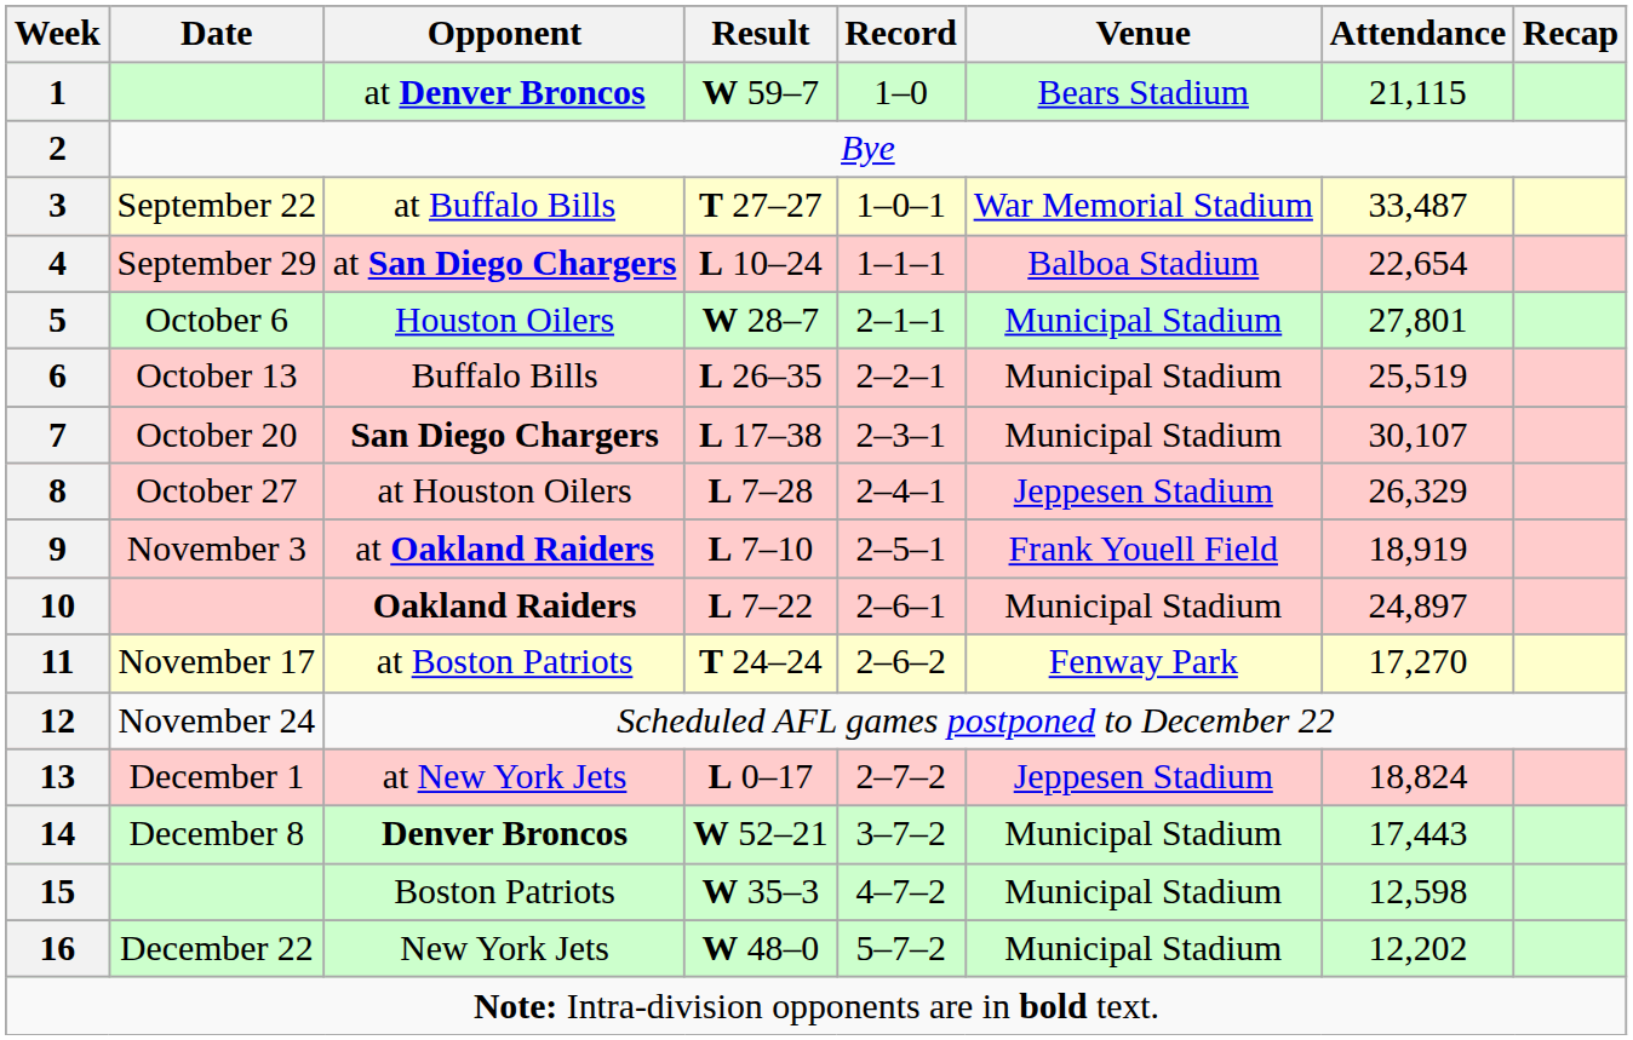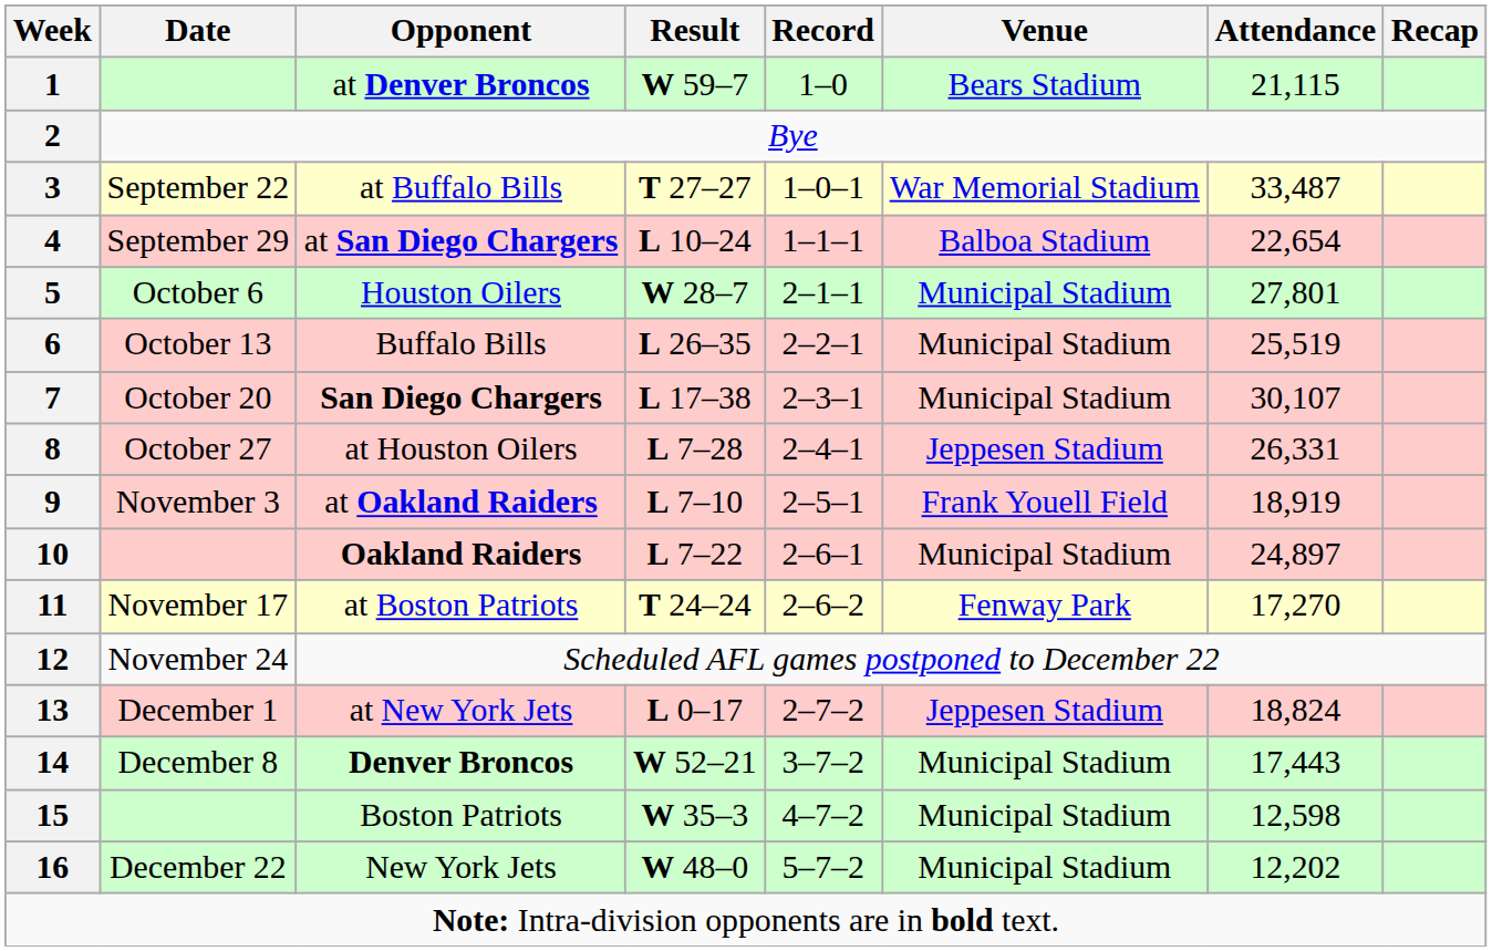 <table class="wikitable" style="text-align:center">
 <tr>
 <th>Week</th>
 <th>Date</th>
 <th>Opponent</th>
 <th>Result</th>
 <th>Record</th>
 <th>Venue</th>
 <th>Attendance</th>
 <th>Recap</th>
 </tr>
 <tr style="background:#cfc">
 <th>1</th>
 <td></td>
 <td>at <strong><a href='#'>Denver Broncos</a></strong></td>
 <td><strong>W</strong> 59–7</td>
 <td>1–0</td>
 <td><a href='#'>Bears Stadium</a></td>
 <td>21,115</td>
 <td></td>
 </tr>
 <tr>
 <th>2</th>
 <td colspan="7"><em><a href='#'>Bye</a></em></td>
 </tr>
 <tr style="background:#ffc">
 <th>3</th>
 <td>September 22</td>
 <td>at <a href='#'>Buffalo Bills</a></td>
 <td><strong>T</strong> 27–27</td>
 <td>1–0–1</td>
 <td><a href='#'>War Memorial Stadium</a></td>
 <td>33,487</td>
 <td></td>
 </tr>
 <tr style="background:#fcc">
 <th>4</th>
 <td>September 29</td>
 <td>at <strong><a href='#'>San Diego Chargers</a></strong></td>
 <td><strong>L</strong> 10–24</td>
 <td>1–1–1</td>
 <td><a href='#'>Balboa Stadium</a></td>
 <td>22,654</td>
 <td></td>
 </tr>
 <tr style="background:#cfc">
 <th>5</th>
 <td>October 6</td>
 <td><a href='#'>Houston Oilers</a></td>
 <td><strong>W</strong> 28–7</td>
 <td>2–1–1</td>
 <td><a href='#'>Municipal Stadium</a></td>
 <td>27,801</td>
 <td></td>
 </tr>
 <tr style="background:#fcc">
 <th>6</th>
 <td>October 13</td>
 <td>Buffalo Bills</td>
 <td><strong>L</strong> 26–35</td>
 <td>2–2–1</td>
 <td>Municipal Stadium</td>
 <td>25,519</td>
 <td></td>
 </tr>
 <tr style="background:#fcc">
 <th>7</th>
 <td>October 20</td>
 <td><strong>San Diego Chargers</strong></td>
 <td><strong>L</strong> 17–38</td>
 <td>2–3–1</td>
 <td>Municipal Stadium</td>
 <td>30,107</td>
 <td></td>
 </tr>
 <tr style="background:#fcc">
 <th>8</th>
 <td>October 27</td>
 <td>at Houston Oilers</td>
 <td><strong>L</strong> 7–28</td>
 <td>2–4–1</td>
 <td><a href='#'>Jeppesen Stadium</a></td>
-<td>26,329</td>
+<td>26,331</td>
 <td></td>
 </tr>
 <tr style="background:#fcc">
 <th>9</th>
 <td>November 3</td>
 <td>at <strong><a href='#'>Oakland Raiders</a></strong></td>
 <td><strong>L</strong> 7–10</td>
 <td>2–5–1</td>
 <td><a href='#'>Frank Youell Field</a></td>
 <td>18,919</td>
 <td></td>
 </tr>
 <tr style="background:#fcc">
 <th>10</th>
 <td></td>
 <td><strong>Oakland Raiders</strong></td>
 <td><strong>L</strong> 7–22</td>
 <td>2–6–1</td>
 <td>Municipal Stadium</td>
 <td>24,897</td>
 <td></td>
 </tr>
 <tr style="background:#ffc">
 <th>11</th>
 <td>November 17</td>
 <td>at <a href='#'>Boston Patriots</a></td>
 <td><strong>T</strong> 24–24</td>
 <td>2–6–2</td>
 <td><a href='#'>Fenway Park</a></td>
 <td>17,270</td>
 <td></td>
 </tr>
 <tr>
 <th>12</th>
 <td>November 24</td>
 <td colspan="7"><em>Scheduled AFL games <a href='#'>postponed</a> to December 22</em></td>
 </tr>
 <tr style="background:#fcc">
 <th>13</th>
 <td>December 1</td>
 <td>at <a href='#'>New York Jets</a></td>
 <td><strong>L</strong> 0–17</td>
 <td>2–7–2</td>
 <td><a href='#'>Jeppesen Stadium</a></td>
 <td>18,824</td>
 <td></td>
 </tr>
 <tr style="background:#cfc">
 <th>14</th>
 <td>December 8</td>
 <td><strong>Denver Broncos</strong></td>
 <td><strong>W</strong> 52–21</td>
 <td>3–7–2</td>
 <td>Municipal Stadium</td>
 <td>17,443</td>
 <td></td>
 </tr>
 <tr style="background:#cfc">
 <th>15</th>
 <td></td>
 <td>Boston Patriots</td>
 <td><strong>W</strong> 35–3</td>
 <td>4–7–2</td>
 <td>Municipal Stadium</td>
 <td>12,598</td>
 <td></td>
 </tr>
 <tr style="background:#cfc">
 <th>16</th>
 <td>December 22</td>
 <td>New York Jets</td>
 <td><strong>W</strong> 48–0</td>
 <td>5–7–2</td>
 <td>Municipal Stadium</td>
 <td>12,202</td>
 <td></td>
 </tr>
 <tr>
 <td colspan="8"><strong>Note:</strong> Intra-division opponents are in <strong>bold</strong> text.</td>
 </tr>
 </table>
